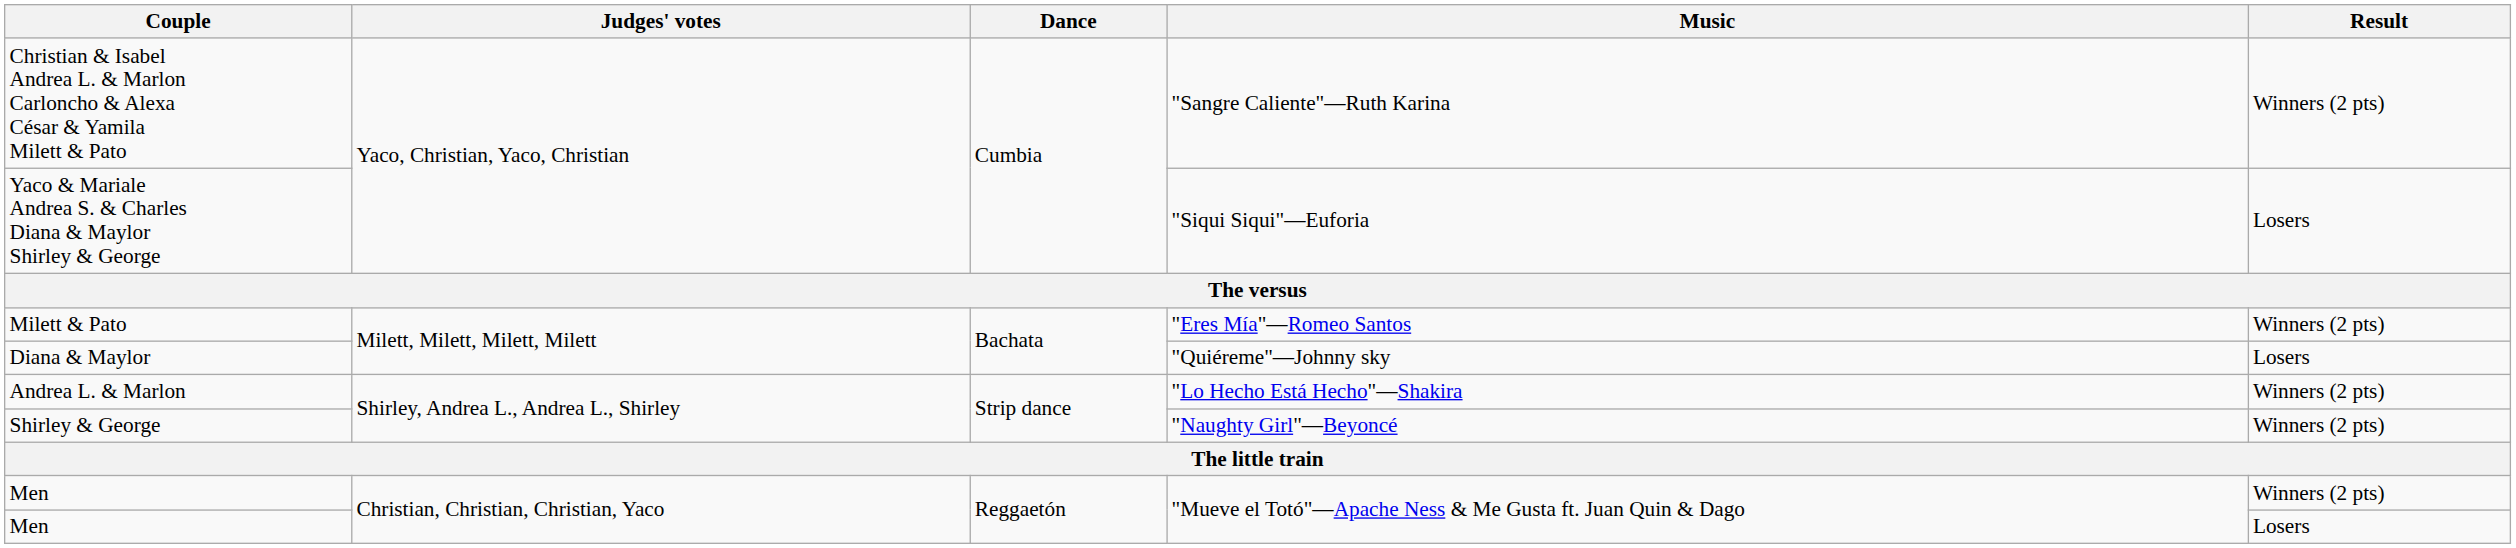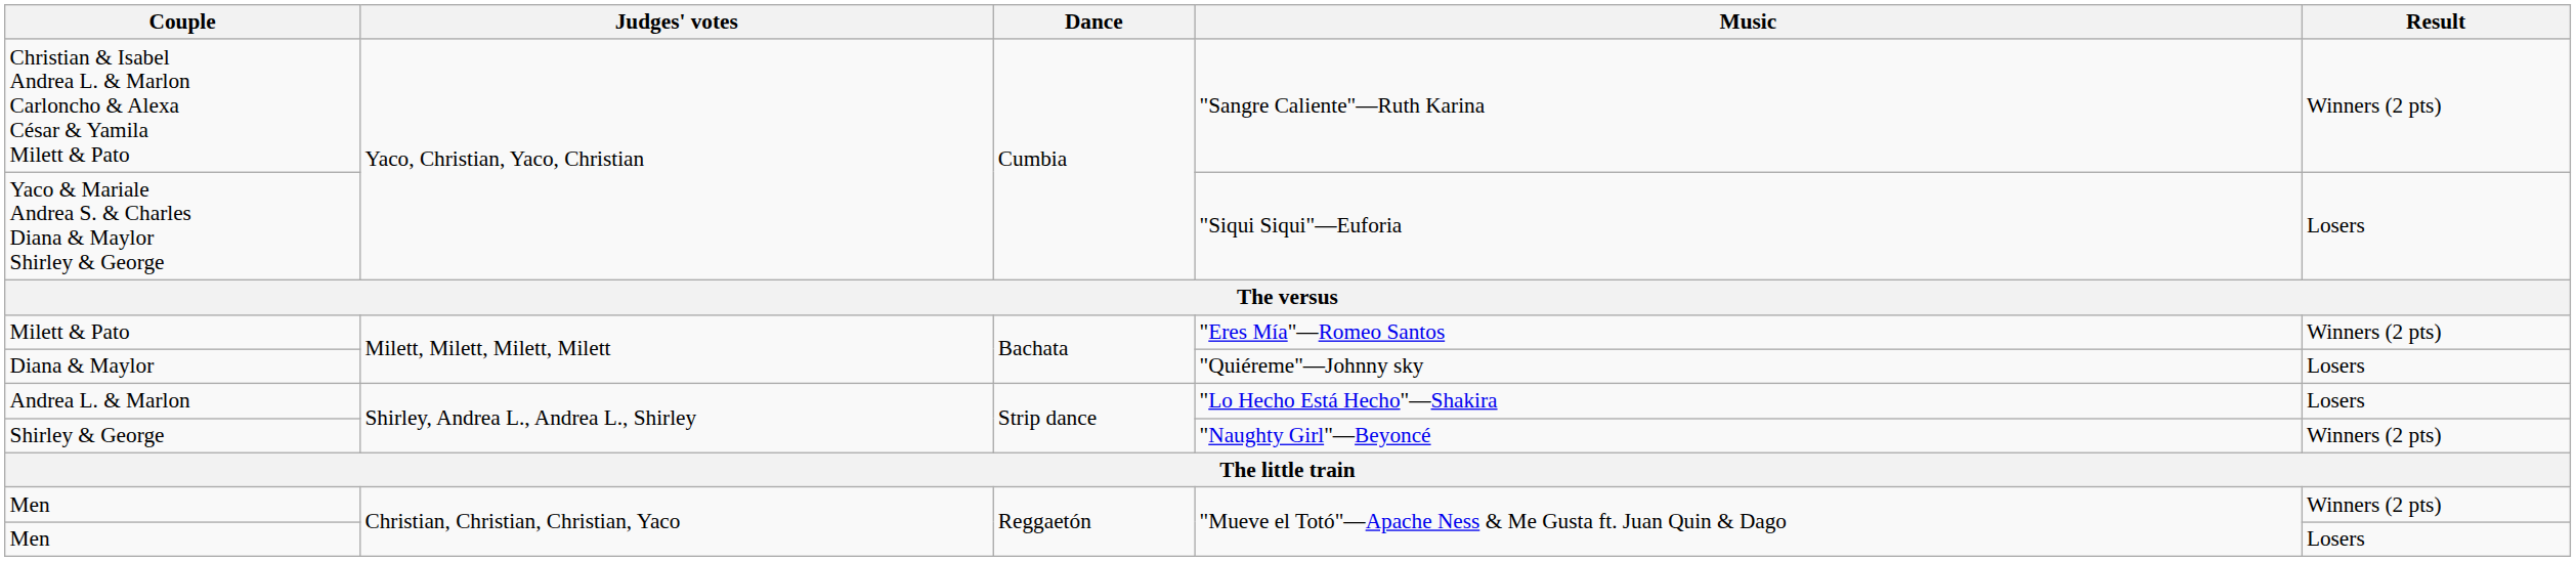 <table class="wikitable sortable" style="width:95%; white-space:nowrap;">
 <tr>
 <th>Couple<br></th>
 <th>Judges' votes</th>
 <th>Dance</th>
 <th>Music</th>
 <th>Result</th>
 </tr>
 <tr>
 <td>Christian & Isabel<br>Andrea L. & Marlon<br>Carloncho & Alexa<br>César & Yamila<br>Milett & Pato<br></td>
 <td rowspan=2>Yaco, Christian, Yaco, Christian</td>
 <td rowspan=2>Cumbia</td>
 <td>"Sangre Caliente"—Ruth Karina</td>
 <td>Winners (2 pts)</td>
 </tr>
 <tr>
 <td>Yaco & Mariale<br>Andrea S. & Charles<br>Diana & Maylor<br>Shirley & George<br></td>
 <td>"Siqui Siqui"—Euforia</td>
 <td>Losers</td>
 </tr>
 <tr>
 <th colspan=5>The versus</th>
 </tr>
 <tr>
 <td>Milett & Pato<br></td>
 <td rowspan=2>Milett, Milett, Milett, Milett</td>
 <td rowspan=2>Bachata</td>
 <td>"<a href='#'>Eres Mía</a>"—<a href='#'>Romeo Santos</a></td>
 <td>Winners (2 pts)</td>
 </tr>
 <tr>
 <td>Diana & Maylor<br></td>
 <td>"Quiéreme"—Johnny sky</td>
 <td>Losers</td>
 </tr>
 <tr>
 <td>Andrea L. & Marlon<br></td>
 <td rowspan=2>Shirley, Andrea L., Andrea L., Shirley</td>
 <td rowspan=2>Strip dance</td>
 <td>"<a href='#'>Lo Hecho Está Hecho</a>"—<a href='#'>Shakira</a></td>
-<td>Winners (2 pts)</td>
+<td>Losers</td>
 </tr>
 <tr>
 <td>Shirley & George<br></td>
 <td>"<a href='#'>Naughty Girl</a>"—<a href='#'>Beyoncé</a></td>
 <td>Winners (2 pts)</td>
 </tr>
 <tr>
 <th colspan=5>The little train</th>
 </tr>
 <tr>
 <td>Men<br></td>
 <td rowspan=2>Christian, Christian, Christian, Yaco</td>
 <td rowspan=2>Reggaetón</td>
 <td rowspan=2>"Mueve el Totó"—<a href='#'>Apache Ness</a> & Me Gusta ft. Juan Quin & Dago</td>
 <td>Winners (2 pts)</td>
 </tr>
 <tr>
 <td>Men<br></td>
 <td>Losers</td>
 </tr>
 </table>
